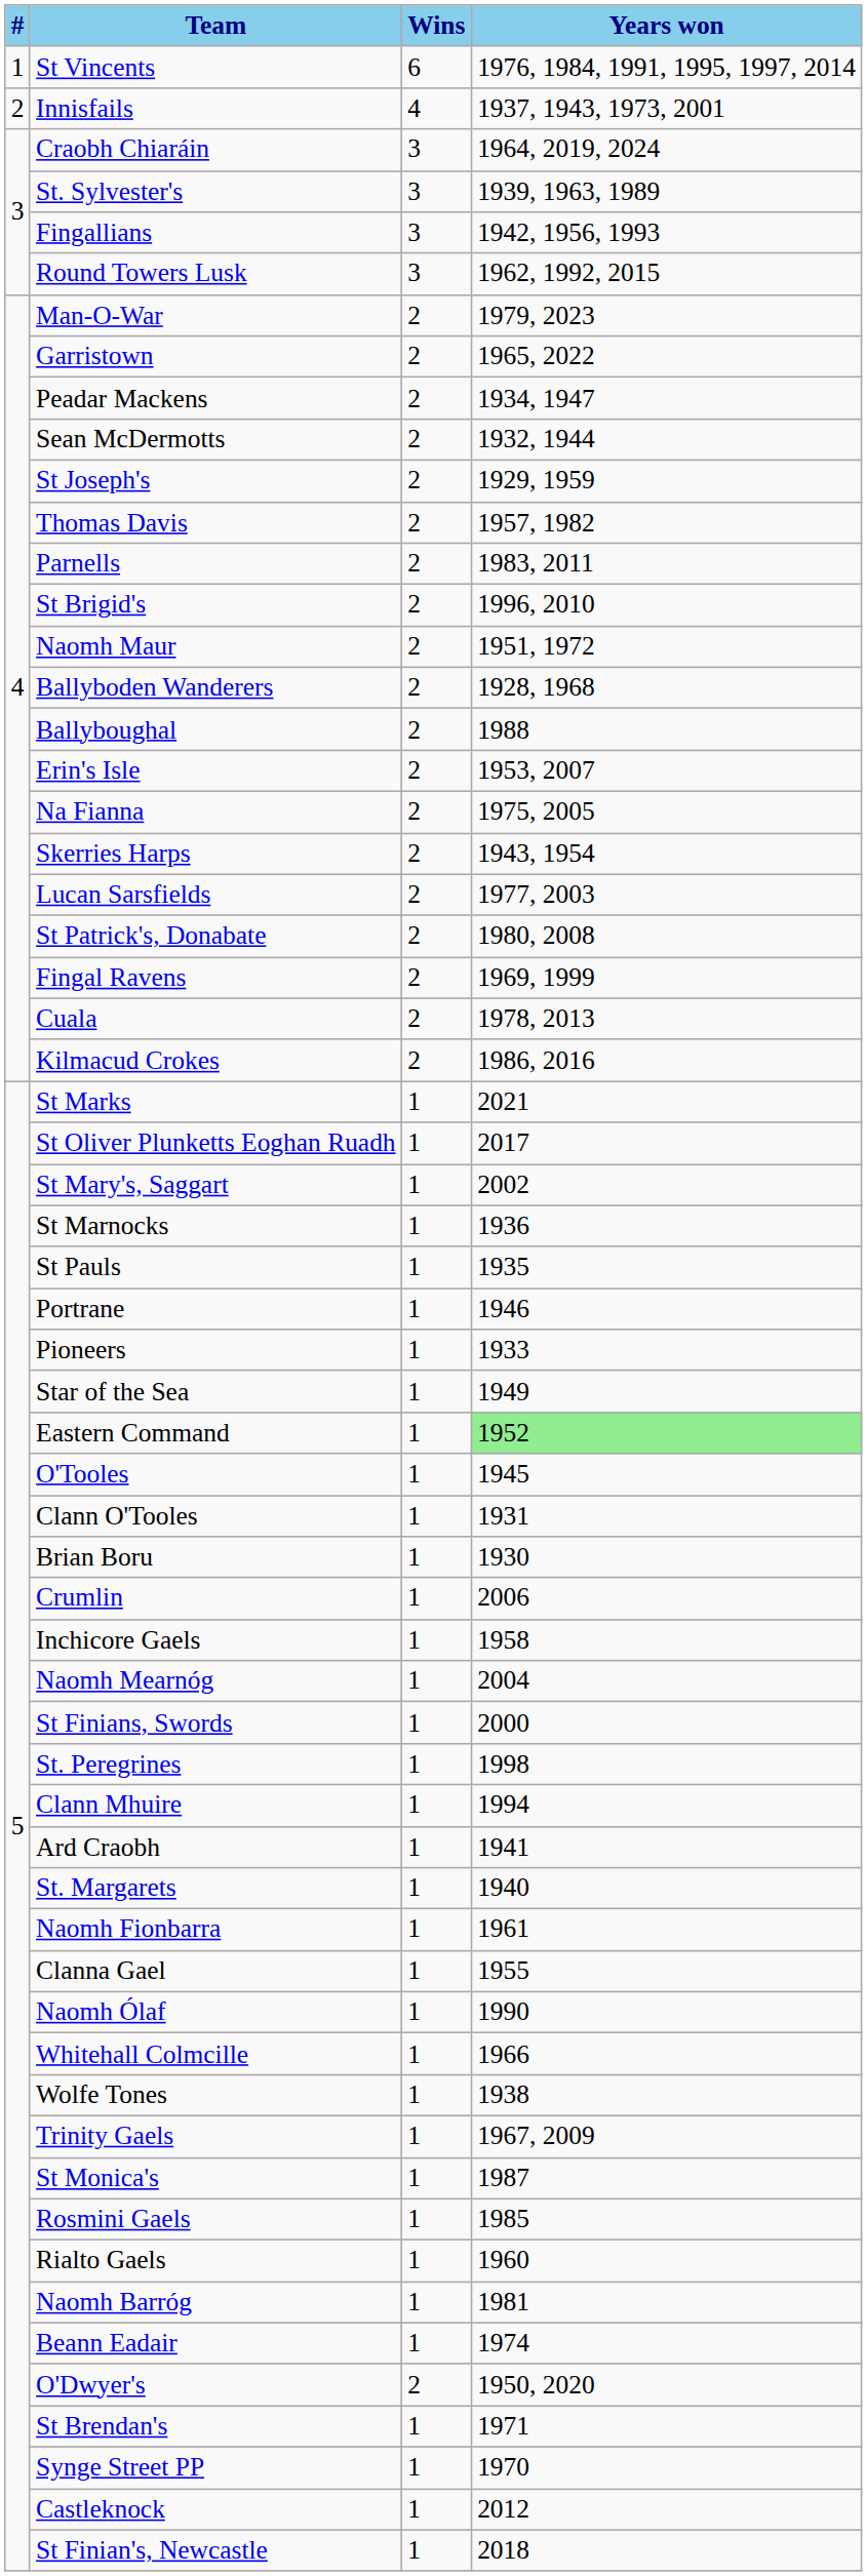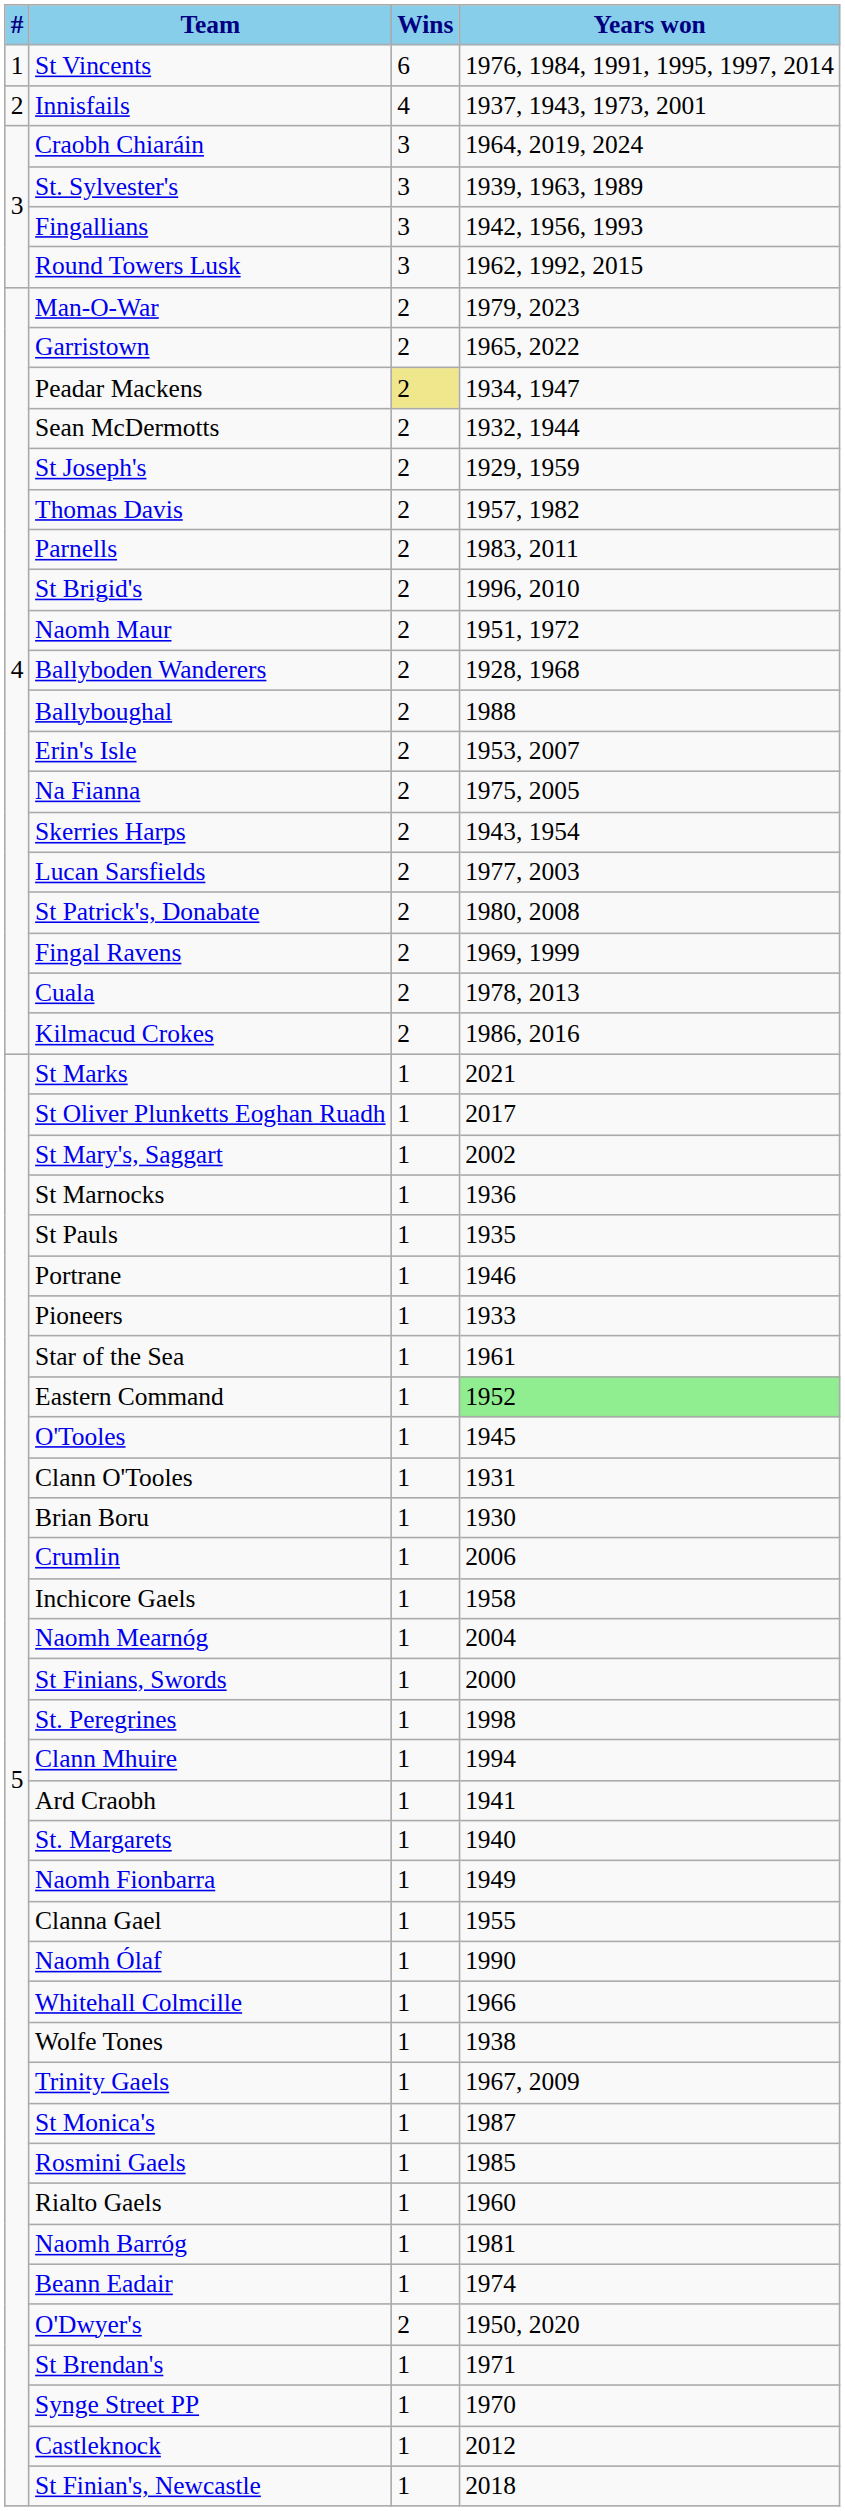 <table class="wikitable">
 <tr>
 <th style="background:skyblue;color:navy;">#</th>
 <th style="background:skyblue;color:navy;">Team</th>
 <th style="background:skyblue;color:navy;">Wins</th>
 <th style="background:skyblue;color:navy;">Years won</th>
 </tr>
 <tr>
 <td>1</td>
 <td><a href='#'>St Vincents</a></td>
 <td>6</td>
 <td>1976, 1984, 1991, 1995, 1997, 2014</td>
 </tr>
 <tr>
 <td>2</td>
 <td><a href='#'>Innisfails</a></td>
 <td>4</td>
 <td>1937, 1943, 1973, 2001</td>
 </tr>
 <tr>
 <td rowspan=4>3</td>
 <td><a href='#'>Craobh Chiaráin</a></td>
 <td>3</td>
 <td>1964, 2019, 2024</td>
 </tr>
 <tr>
 <td><a href='#'>St. Sylvester's</a></td>
 <td>3</td>
 <td>1939, 1963, 1989</td>
 </tr>
 <tr>
 <td><a href='#'>Fingallians</a></td>
 <td>3</td>
 <td>1942, 1956, 1993</td>
 </tr>
 <tr>
 <td><a href='#'>Round Towers Lusk</a></td>
 <td>3</td>
 <td>1962, 1992, 2015</td>
 </tr>
 <tr>
 <td rowspan=19>4</td>
 <td><a href='#'>Man-O-War</a></td>
 <td>2</td>
 <td>1979, 2023</td>
 </tr>
 <tr>
 <td><a href='#'>Garristown</a></td>
 <td>2</td>
 <td>1965, 2022</td>
 </tr>
 <tr>
 <td>Peadar Mackens</td>
-<td>2</td>
+<td style="background: khaki;">2</td>
 <td>1934, 1947</td>
 </tr>
 <tr>
 <td>Sean McDermotts</td>
 <td>2</td>
 <td>1932, 1944</td>
 </tr>
 <tr>
 <td><a href='#'>St Joseph's</a></td>
 <td>2</td>
 <td>1929, 1959</td>
 </tr>
 <tr>
 <td><a href='#'>Thomas Davis</a></td>
 <td>2</td>
 <td>1957, 1982</td>
 </tr>
 <tr>
 <td><a href='#'>Parnells</a></td>
 <td>2</td>
 <td>1983, 2011</td>
 </tr>
 <tr>
 <td><a href='#'>St Brigid's</a></td>
 <td>2</td>
 <td>1996, 2010</td>
 </tr>
 <tr>
 <td><a href='#'>Naomh Maur</a></td>
 <td>2</td>
 <td>1951, 1972</td>
 </tr>
 <tr>
 <td><a href='#'>Ballyboden Wanderers</a></td>
 <td>2</td>
 <td>1928, 1968</td>
 </tr>
 <tr>
 <td><a href='#'>Ballyboughal</a></td>
 <td>2</td>
 <td>1988</td>
 </tr>
 <tr>
 <td><a href='#'>Erin's Isle</a></td>
 <td>2</td>
 <td>1953, 2007</td>
 </tr>
 <tr>
 <td><a href='#'>Na Fianna</a></td>
 <td>2</td>
 <td>1975, 2005</td>
 </tr>
 <tr>
 <td><a href='#'>Skerries Harps</a></td>
 <td>2</td>
 <td>1943, 1954</td>
 </tr>
 <tr>
 <td><a href='#'>Lucan Sarsfields</a></td>
 <td>2</td>
 <td>1977, 2003</td>
 </tr>
 <tr>
 <td><a href='#'>St Patrick's, Donabate</a></td>
 <td>2</td>
 <td>1980, 2008</td>
 </tr>
 <tr>
 <td><a href='#'>Fingal Ravens</a></td>
 <td>2</td>
 <td>1969, 1999</td>
 </tr>
 <tr>
 <td><a href='#'>Cuala</a></td>
 <td>2</td>
 <td>1978, 2013</td>
 </tr>
 <tr>
 <td><a href='#'>Kilmacud Crokes</a></td>
 <td>2</td>
 <td>1986, 2016</td>
 </tr>
 <tr>
 <td rowspan="38">5</td>
 <td><a href='#'>St Marks</a></td>
 <td>1</td>
 <td>2021</td>
 </tr>
 <tr>
 <td><a href='#'>St Oliver Plunketts Eoghan Ruadh</a></td>
 <td>1</td>
 <td>2017</td>
 </tr>
 <tr>
 <td><a href='#'>St Mary's, Saggart</a></td>
 <td>1</td>
 <td>2002</td>
 </tr>
 <tr>
 <td>St Marnocks</td>
 <td>1</td>
 <td>1936</td>
 </tr>
 <tr>
 <td>St Pauls</td>
 <td>1</td>
 <td>1935</td>
 </tr>
 <tr>
 <td>Portrane</td>
 <td>1</td>
 <td>1946</td>
 </tr>
 <tr>
 <td>Pioneers</td>
 <td>1</td>
 <td>1933</td>
 </tr>
 <tr>
 <td>Star of the Sea</td>
 <td>1</td>
-<td>1949</td>
+<td>1961</td>
 </tr>
 <tr>
 <td>Eastern Command</td>
 <td>1</td>
 <td style="background: lightgreen;">1952</td>
 </tr>
 <tr>
 <td><a href='#'>O'Tooles</a></td>
 <td>1</td>
 <td>1945</td>
 </tr>
 <tr>
 <td>Clann O'Tooles</td>
 <td>1</td>
 <td>1931</td>
 </tr>
 <tr>
 <td>Brian Boru</td>
 <td>1</td>
 <td>1930</td>
 </tr>
 <tr>
 <td><a href='#'>Crumlin</a></td>
 <td>1</td>
 <td>2006</td>
 </tr>
 <tr>
 <td>Inchicore Gaels</td>
 <td>1</td>
 <td>1958</td>
 </tr>
 <tr>
 <td><a href='#'>Naomh Mearnóg</a></td>
 <td>1</td>
 <td>2004</td>
 </tr>
 <tr>
 <td><a href='#'>St Finians, Swords</a></td>
 <td>1</td>
 <td>2000</td>
 </tr>
 <tr>
 <td><a href='#'>St. Peregrines</a></td>
 <td>1</td>
 <td>1998</td>
 </tr>
 <tr>
 <td><a href='#'>Clann Mhuire</a></td>
 <td>1</td>
 <td>1994</td>
 </tr>
 <tr>
 <td>Ard Craobh</td>
 <td>1</td>
 <td>1941</td>
 </tr>
 <tr>
 <td><a href='#'>St. Margarets</a></td>
 <td>1</td>
 <td>1940</td>
 </tr>
 <tr>
 <td><a href='#'>Naomh Fionbarra</a></td>
 <td>1</td>
-<td>1961</td>
+<td>1949</td>
 </tr>
 <tr>
 <td>Clanna Gael</td>
 <td>1</td>
 <td>1955</td>
 </tr>
 <tr>
 <td><a href='#'>Naomh Ólaf</a></td>
 <td>1</td>
 <td>1990</td>
 </tr>
 <tr>
 <td><a href='#'>Whitehall Colmcille</a></td>
 <td>1</td>
 <td>1966</td>
 </tr>
 <tr>
 <td>Wolfe Tones</td>
 <td>1</td>
 <td>1938</td>
 </tr>
 <tr>
 <td><a href='#'>Trinity Gaels</a></td>
 <td>1</td>
 <td>1967, 2009</td>
 </tr>
 <tr>
 <td><a href='#'>St Monica's</a></td>
 <td>1</td>
 <td>1987</td>
 </tr>
 <tr>
 <td><a href='#'>Rosmini Gaels</a></td>
 <td>1</td>
 <td>1985</td>
 </tr>
 <tr>
 <td>Rialto Gaels</td>
 <td>1</td>
 <td>1960</td>
 </tr>
 <tr>
 <td><a href='#'>Naomh Barróg</a></td>
 <td>1</td>
 <td>1981</td>
 </tr>
 <tr>
 <td><a href='#'>Beann Eadair</a></td>
 <td>1</td>
 <td>1974</td>
 </tr>
 <tr>
 <td><a href='#'>O'Dwyer's</a></td>
 <td>2</td>
 <td>1950, 2020</td>
 </tr>
 <tr>
 <td><a href='#'>St Brendan's</a></td>
 <td>1</td>
 <td>1971</td>
 </tr>
 <tr>
 <td><a href='#'>Synge Street PP</a></td>
 <td>1</td>
 <td>1970</td>
 </tr>
 <tr>
 <td><a href='#'>Castleknock</a></td>
 <td>1</td>
 <td>2012</td>
 </tr>
 <tr>
 <td><a href='#'>St Finian's, Newcastle</a></td>
 <td>1</td>
 <td>2018</td>
 </tr>
 </table>
